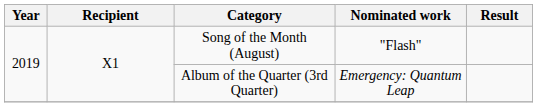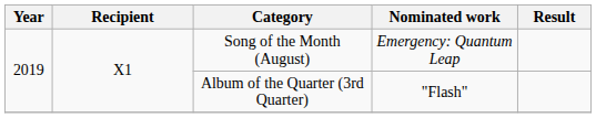 <table class="wikitable" style="text-align:center">
 <tr>
 <th width="50">Year</th>
 <th width="200">Recipient</th>
 <th width="275">Category</th>
 <th width="200">Nominated work</th>
 <th width="90">Result</th>
 </tr>
 <tr>
 <td rowspan="2">2019</td>
 <td rowspan="2">X1</td>
 <td>Song of the Month (August)</td>
-<td>"Flash"</td>
+<td><em>Emergency: Quantum Leap</em></td>
 <td></td>
 </tr>
 <tr>
 <td>Album of the Quarter (3rd Quarter)</td>
-<td><em>Emergency: Quantum Leap</em></td>
+<td>"Flash"</td>
 <td></td>
 </tr>
 <tr>
 </tr>
 </table>
